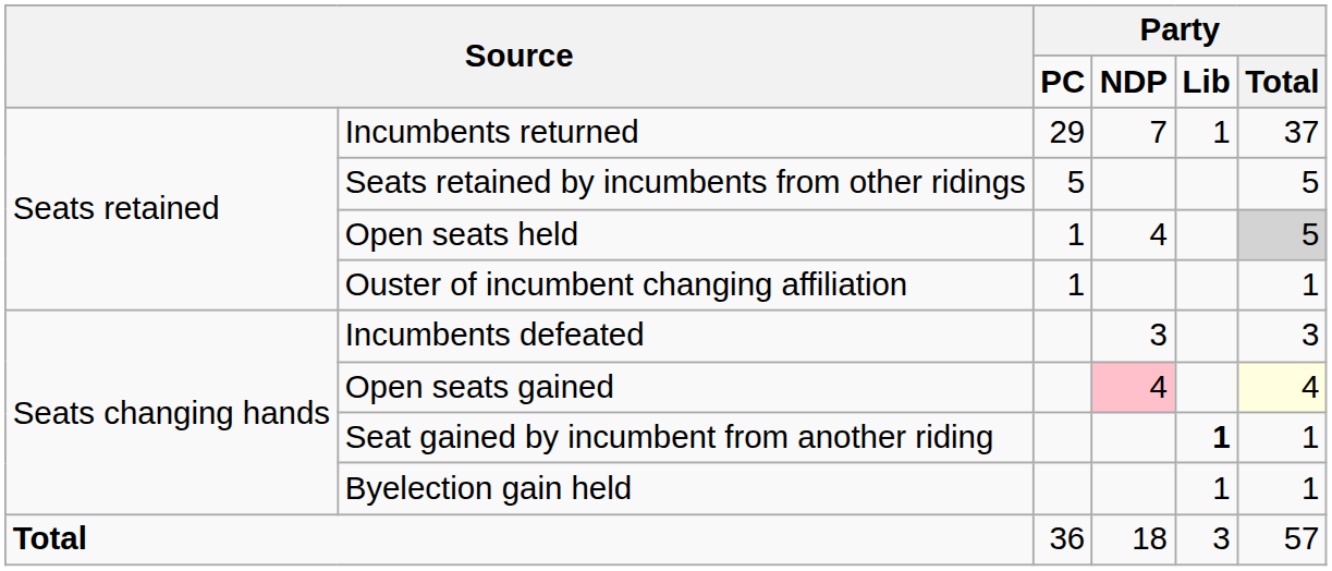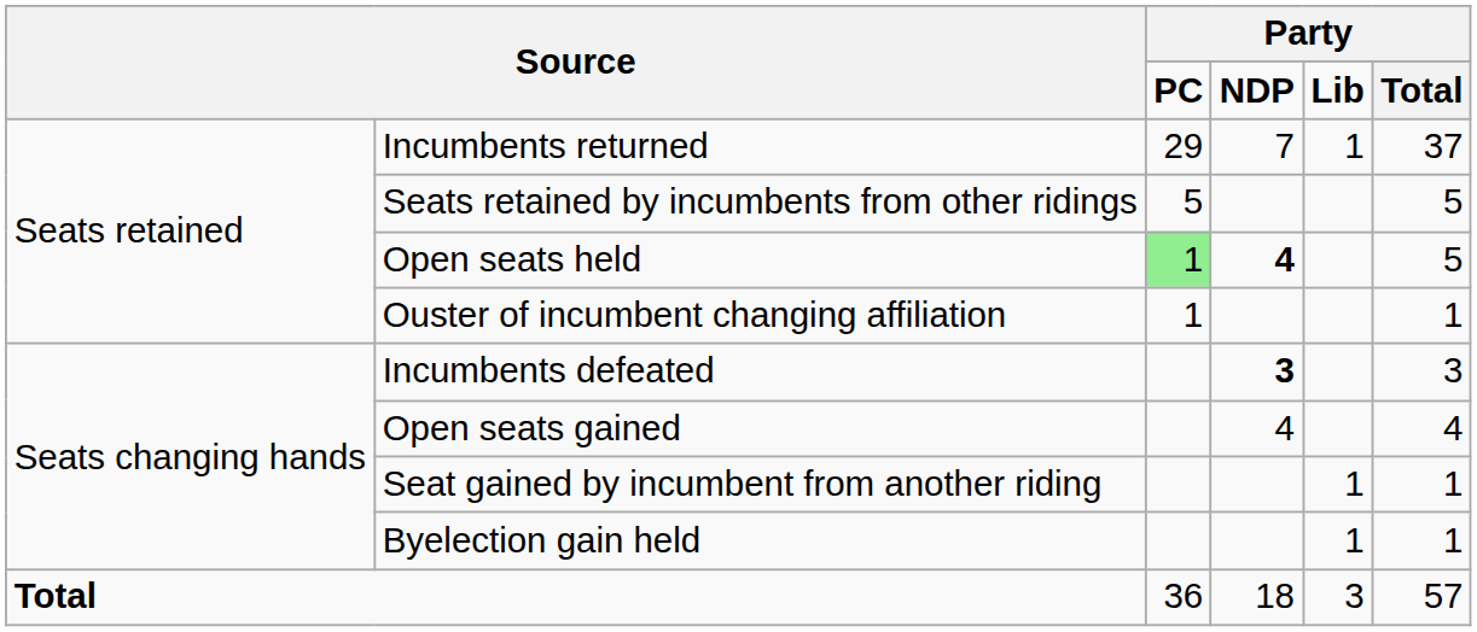 <table class="wikitable" style="text-align:right;">
 <tr>
 <th colspan="2" rowspan="2">Source</th>
 <th colspan="4">Party</th>
 </tr>
 <tr>
 <td><strong>PC</strong></td>
 <td><strong>NDP</strong></td>
 <td><strong>Lib</strong></td>
 <th>Total</th>
 </tr>
 <tr>
 <td rowspan="4" style="text-align:left;">Seats retained</td>
 <td style="text-align:left;">Incumbents returned</td>
 <td>29</td>
 <td>7</td>
 <td>1</td>
 <td>37</td>
 </tr>
 <tr>
 <td style="text-align:left;">Seats retained by incumbents from other ridings</td>
 <td>5</td>
 <td></td>
 <td></td>
 <td>5</td>
 </tr>
 <tr>
 <td style="text-align:left;">Open seats held</td>
-<td>1</td>
-<td>4</td>
+<td style="background: lightgreen;">1</td>
+<td><strong>4</strong></td>
 <td></td>
-<td style="background: lightgrey;">5</td>
+<td>5</td>
 </tr>
 <tr>
 <td style="text-align:left;">Ouster of incumbent changing affiliation</td>
 <td>1</td>
 <td></td>
 <td></td>
 <td>1</td>
 </tr>
 <tr>
 <td rowspan="4" style="text-align:left;">Seats changing hands</td>
 <td style="text-align:left;">Incumbents defeated</td>
 <td></td>
-<td>3</td>
+<td><strong>3</strong></td>
 <td></td>
 <td>3</td>
 </tr>
 <tr>
 <td style="text-align:left;">Open seats gained</td>
 <td></td>
-<td style="background: pink;">4</td>
+<td>4</td>
 <td></td>
-<td style="background: lightyellow;">4</td>
+<td>4</td>
 </tr>
 <tr>
 <td style="text-align:left;">Seat gained by incumbent from another riding</td>
 <td></td>
 <td></td>
-<td><strong>1</strong></td>
+<td>1</td>
 <td>1</td>
 </tr>
 <tr>
 <td style="text-align:left;">Byelection gain held</td>
 <td></td>
 <td></td>
 <td>1</td>
 <td>1</td>
 </tr>
 <tr>
 <td colspan="2" style="text-align:left;"><strong>Total</strong></td>
 <td>36</td>
 <td>18</td>
 <td>3</td>
 <td>57</td>
 </tr>
 </table>
